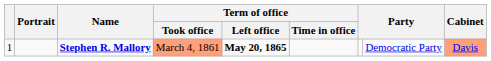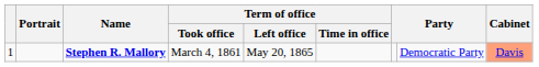 <table class="wikitable" style="text-align:center">
 <tr>
 <th rowspan=2></th>
 <th rowspan=2>Portrait</th>
 <th rowspan=2>Name<br></th>
 <th colspan=3>Term of office</th>
 <th colspan=2 rowspan=2>Party</th>
 <th rowspan=2>Cabinet</th>
 </tr>
 <tr>
 <th>Took office</th>
 <th>Left office</th>
 <th>Time in office</th>
 </tr>
 <tr>
 <td>1</td>
 <td></td>
 <td><strong><a href='#'>Stephen R. Mallory</a></strong><br></td>
-<td style="background: lightsalmon;">March 4, 1861</td>
-<td><strong>May 20, 1865</strong></td>
+<td>March 4, 1861</td>
+<td>May 20, 1865</td>
 <td></td>
 <td style="background:"></td>
 <td><a href='#'>Democratic Party</a></td>
 <td style="background: lightsalmon;"><a href='#'>Davis</a></td>
 </tr>
 </table>
